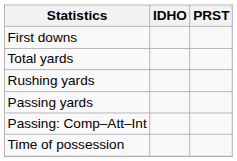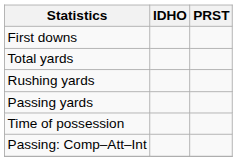 <table class="wikitable" style="float: left;">
 <tr>
 <th>Statistics</th>
 <th>IDHO</th>
 <th>PRST</th>
 </tr>
 <tr>
 <td>First downs</td>
 <td></td>
 <td></td>
 </tr>
 <tr>
 <td>Total yards</td>
 <td></td>
 <td></td>
 </tr>
 <tr>
 <td>Rushing yards</td>
 <td></td>
 <td></td>
 </tr>
 <tr>
 <td>Passing yards</td>
 <td></td>
 <td></td>
 </tr>
 <tr>
-<td>Passing: Comp–Att–Int</td>
+<td>Time of possession</td>
 <td></td>
 <td></td>
 </tr>
 <tr>
-<td>Time of possession</td>
+<td>Passing: Comp–Att–Int</td>
 <td></td>
 <td></td>
 </tr>
 <tr>
 </tr>
 </table>
